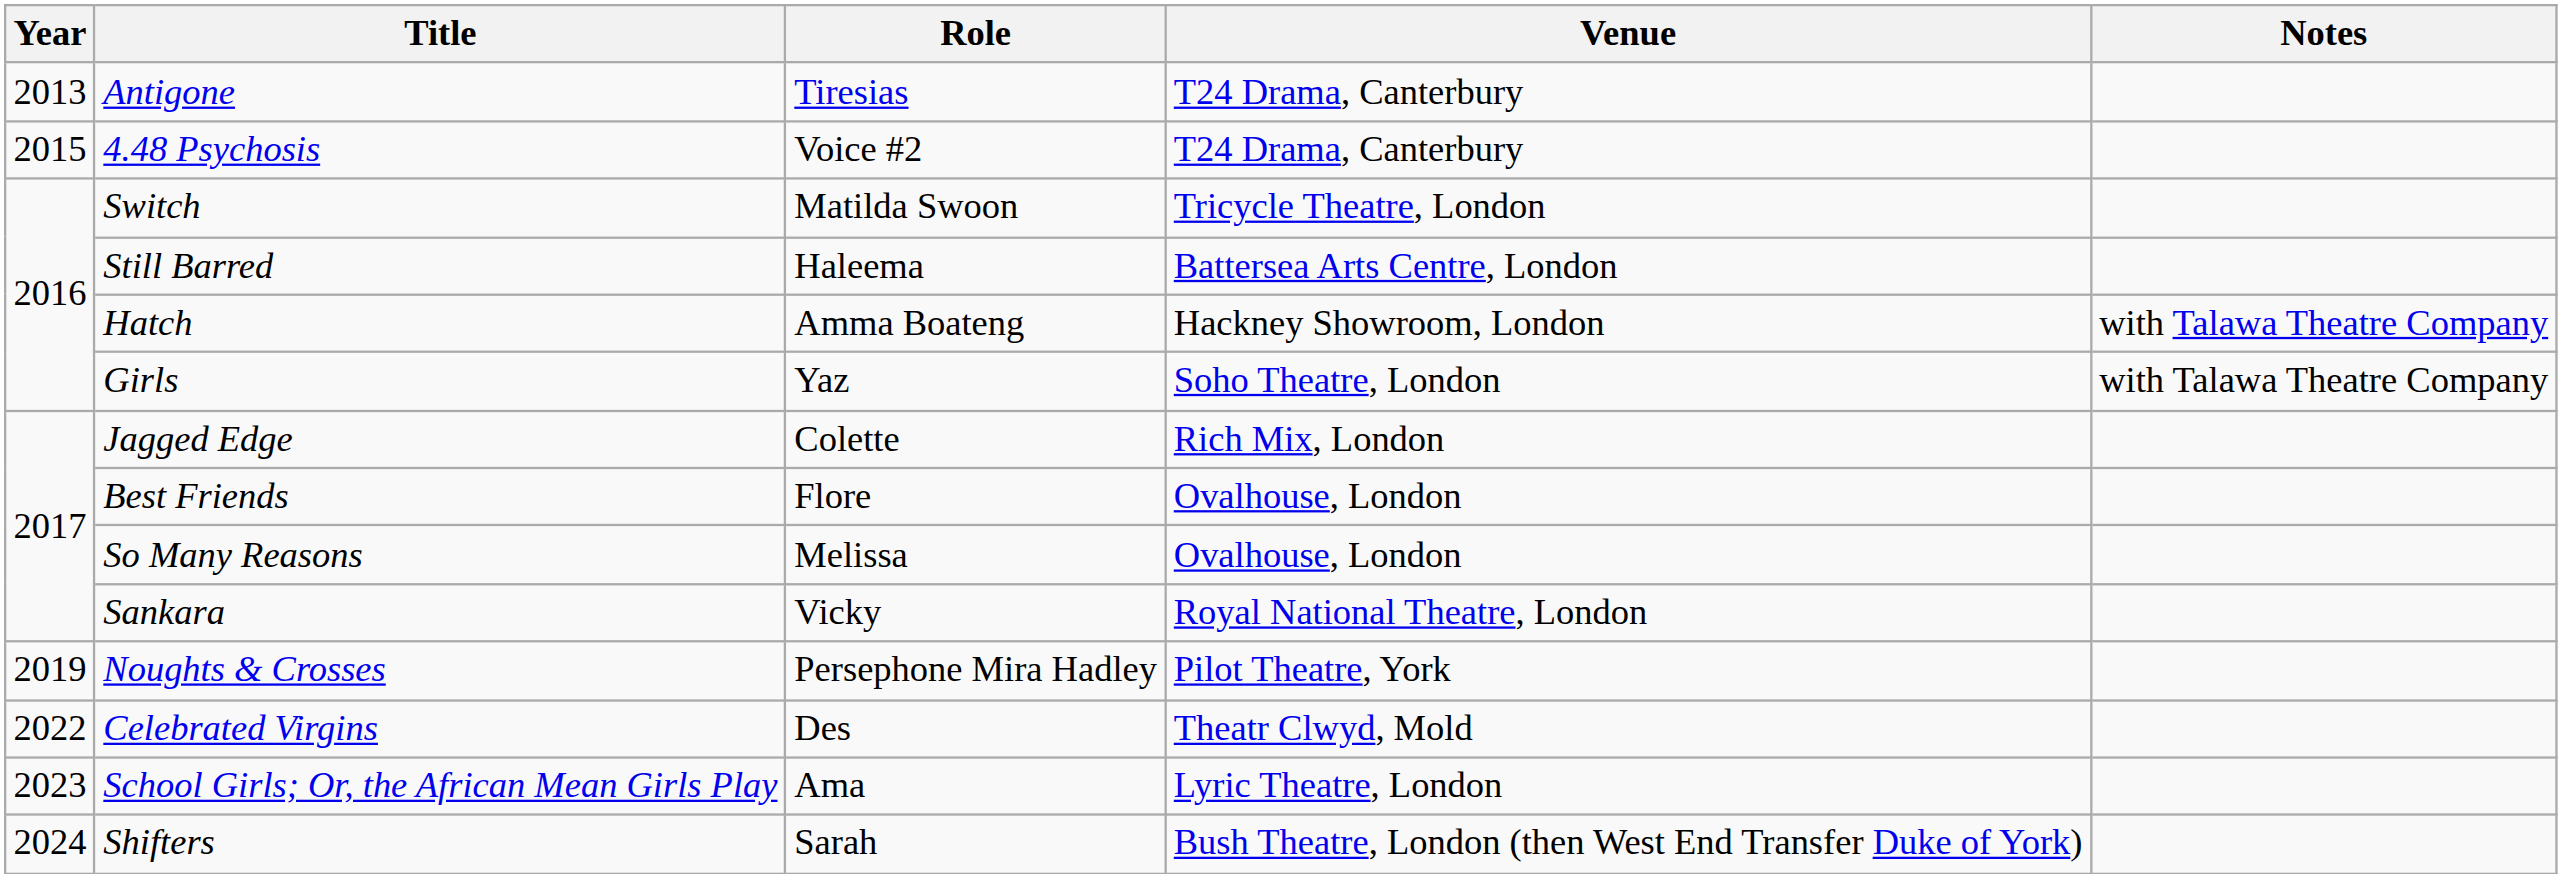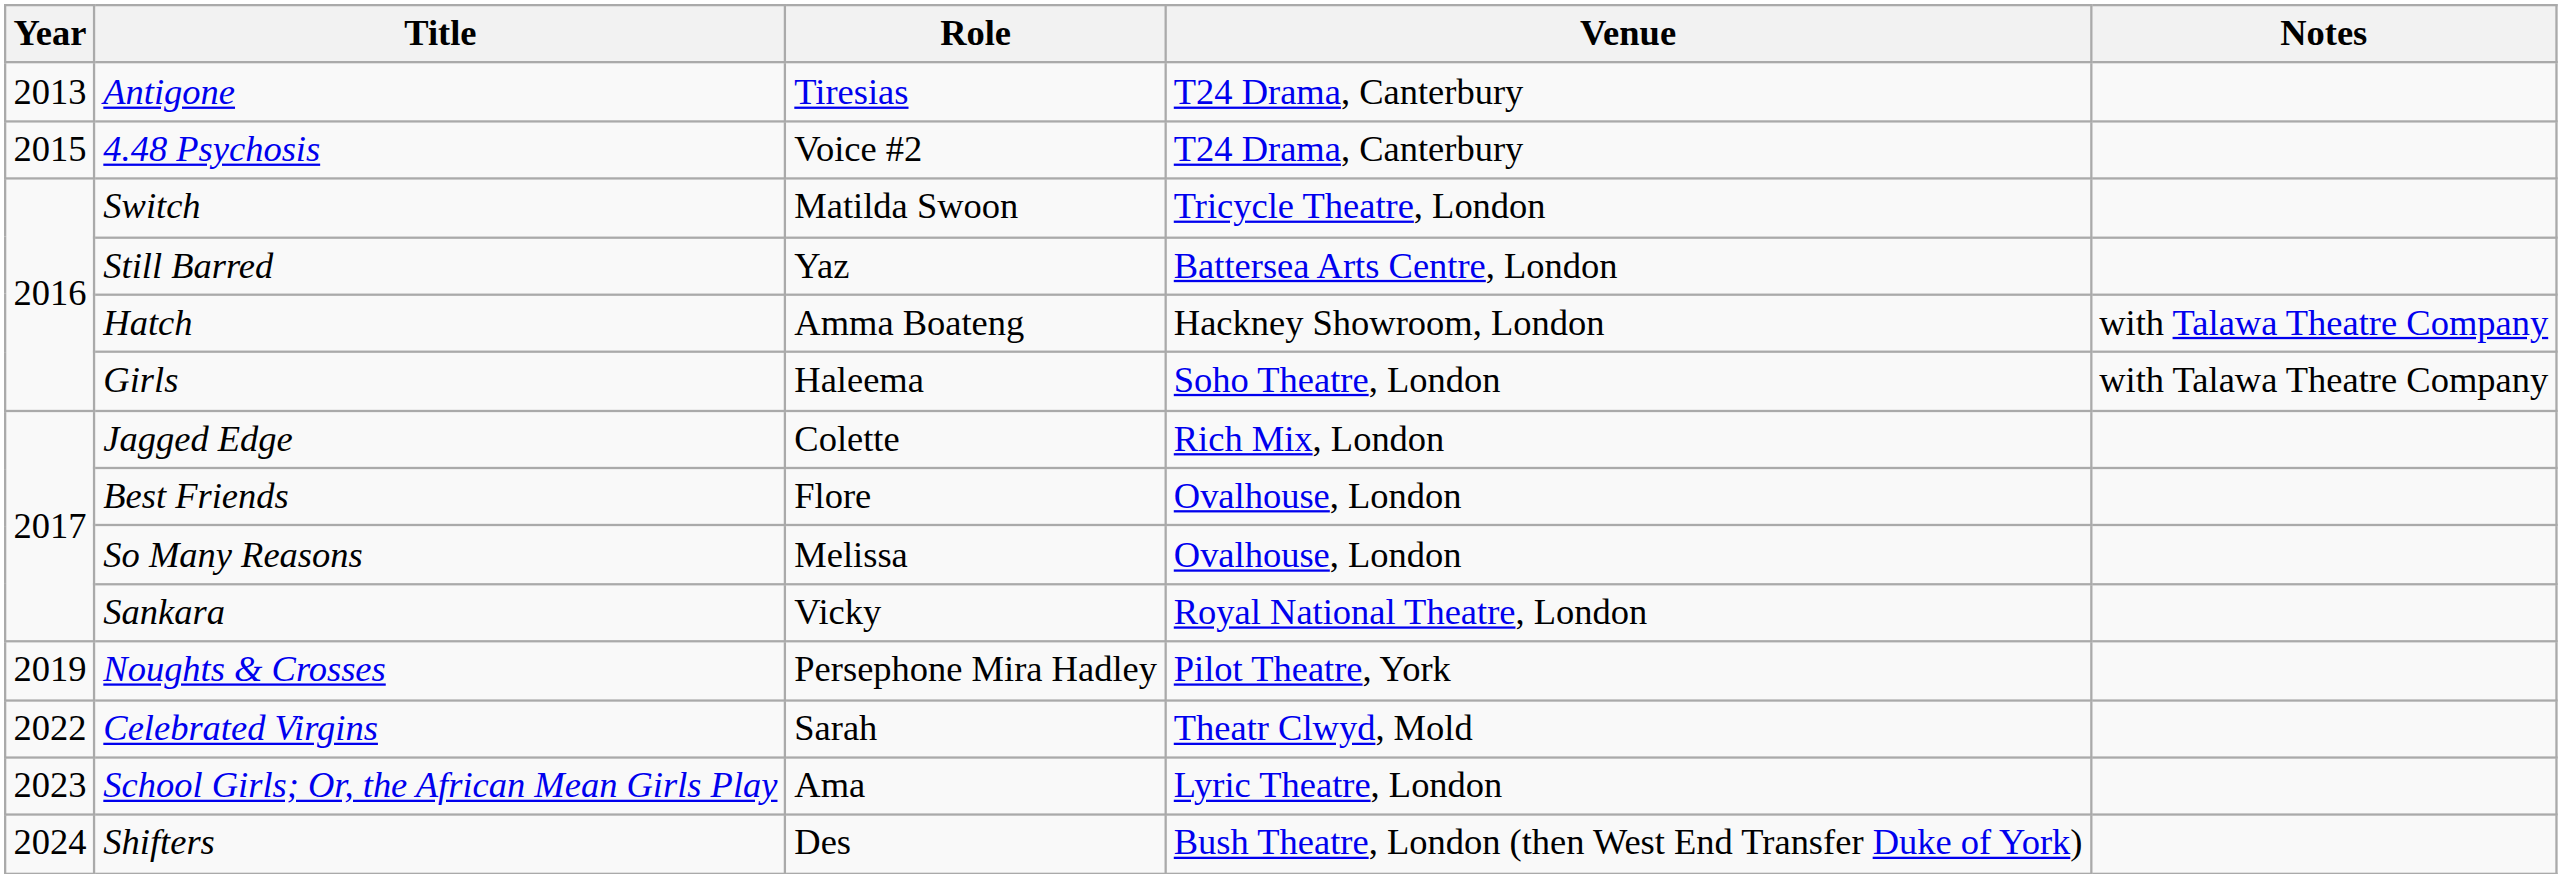 <table class="wikitable sortable">
 <tr>
 <th>Year</th>
 <th>Title</th>
 <th>Role</th>
 <th>Venue</th>
 <th>Notes</th>
 </tr>
 <tr>
 <td>2013</td>
 <td><em><a href='#'>Antigone</a></em></td>
 <td><a href='#'>Tiresias</a></td>
 <td><a href='#'>T24 Drama</a>, Canterbury</td>
 <td></td>
 </tr>
 <tr>
 <td>2015</td>
 <td><em><a href='#'>4.48 Psychosis</a></em></td>
 <td>Voice #2</td>
 <td><a href='#'>T24 Drama</a>, Canterbury</td>
 <td></td>
 </tr>
 <tr>
 <td rowspan="4">2016</td>
 <td><em>Switch</em></td>
 <td>Matilda Swoon</td>
 <td><a href='#'>Tricycle Theatre</a>, London</td>
 <td></td>
 </tr>
 <tr>
 <td><em>Still Barred</em></td>
-<td>Haleema</td>
+<td>Yaz</td>
 <td><a href='#'>Battersea Arts Centre</a>, London</td>
 <td></td>
 </tr>
 <tr>
 <td><em>Hatch</em></td>
 <td>Amma Boateng</td>
 <td>Hackney Showroom, London</td>
 <td>with <a href='#'>Talawa Theatre Company</a></td>
 </tr>
 <tr>
 <td><em>Girls</em></td>
-<td>Yaz</td>
+<td>Haleema</td>
 <td><a href='#'>Soho Theatre</a>, London</td>
 <td>with Talawa Theatre Company</td>
 </tr>
 <tr>
 <td rowspan="4">2017</td>
 <td><em>Jagged Edge</em></td>
 <td>Colette</td>
 <td><a href='#'>Rich Mix</a>, London</td>
 <td></td>
 </tr>
 <tr>
 <td><em>Best Friends</em></td>
 <td>Flore</td>
 <td><a href='#'>Ovalhouse</a>, London</td>
 <td></td>
 </tr>
 <tr>
 <td><em>So Many Reasons</em></td>
 <td>Melissa</td>
 <td><a href='#'>Ovalhouse</a>, London</td>
 <td></td>
 </tr>
 <tr>
 <td><em>Sankara</em></td>
 <td>Vicky</td>
 <td><a href='#'>Royal National Theatre</a>, London</td>
 <td></td>
 </tr>
 <tr>
 <td>2019</td>
 <td><em><a href='#'>Noughts & Crosses</a></em></td>
 <td>Persephone Mira Hadley</td>
 <td><a href='#'>Pilot Theatre</a>, York</td>
 <td></td>
 </tr>
 <tr>
 <td>2022</td>
 <td><em><a href='#'>Celebrated Virgins</a></em></td>
-<td>Des</td>
+<td>Sarah</td>
 <td><a href='#'>Theatr Clwyd</a>, Mold</td>
 <td></td>
 </tr>
 <tr>
 <td>2023</td>
 <td><em><a href='#'>School Girls; Or, the African Mean Girls Play</a></em></td>
 <td>Ama</td>
 <td><a href='#'>Lyric Theatre</a>, London</td>
 <td></td>
 </tr>
 <tr>
 <td>2024</td>
 <td><em>Shifters</em></td>
-<td>Sarah</td>
+<td>Des</td>
 <td><a href='#'>Bush Theatre</a>, London (then West End Transfer <a href='#'>Duke of York</a>)</td>
 </tr>
 </table>
